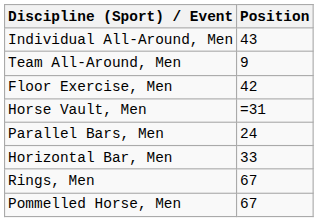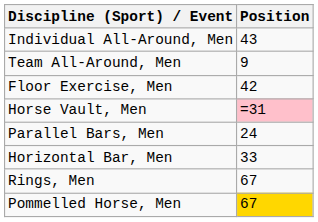 <table class="wikitable">
 <tr>
 <th>Discipline (Sport) / Event</th>
 <th>Position</th>
 </tr>
 <tr>
 <td>Individual All-Around, Men</td>
 <td>43</td>
 </tr>
 <tr>
 <td>Team All-Around, Men</td>
 <td>9</td>
 </tr>
 <tr>
 <td>Floor Exercise, Men</td>
 <td>42</td>
 </tr>
 <tr>
 <td>Horse Vault, Men</td>
-<td>=31</td>
+<td style="background: pink;">=31</td>
 </tr>
 <tr>
 <td>Parallel Bars, Men</td>
 <td>24</td>
 </tr>
 <tr>
 <td>Horizontal Bar, Men</td>
 <td>33</td>
 </tr>
 <tr>
 <td>Rings, Men</td>
 <td>67</td>
 </tr>
 <tr>
 <td>Pommelled Horse, Men</td>
-<td>67</td>
+<td style="background: gold;">67</td>
 </tr>
 </table>
